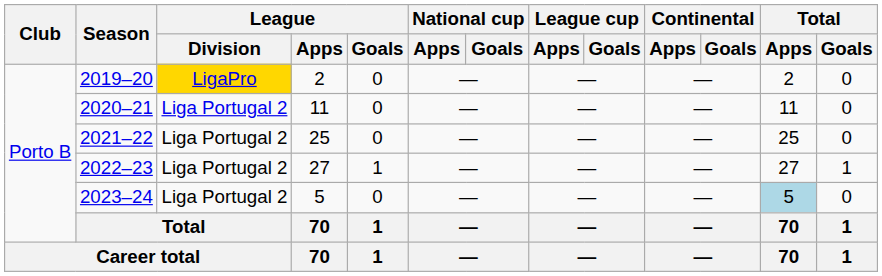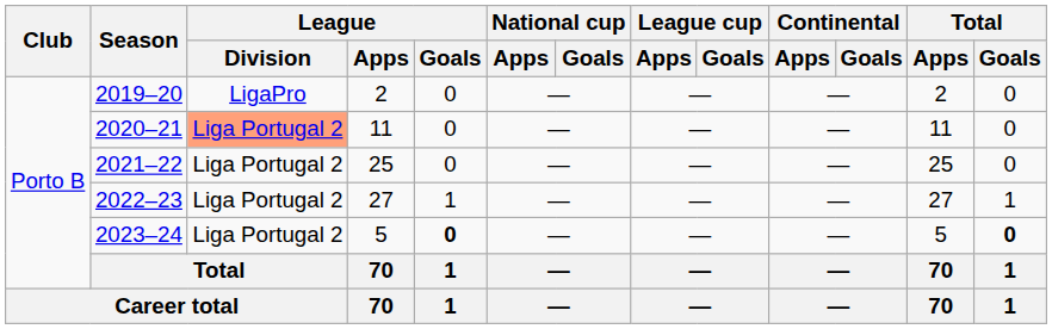 <table class="wikitable" style="text-align: center">
 <tr>
 <th rowspan="2">Club</th>
 <th rowspan="2">Season</th>
 <th colspan="3">League</th>
 <th colspan="2">National cup</th>
 <th colspan="2">League cup</th>
 <th colspan="2">Continental</th>
 <th colspan="2">Total</th>
 </tr>
 <tr>
 <th>Division</th>
 <th>Apps</th>
 <th>Goals</th>
 <th>Apps</th>
 <th>Goals</th>
 <th>Apps</th>
 <th>Goals</th>
 <th>Apps</th>
 <th>Goals</th>
 <th>Apps</th>
 <th>Goals</th>
 </tr>
 <tr>
 <td rowspan="6"><a href='#'>Porto B</a></td>
 <td><a href='#'>2019–20</a></td>
-<td style="background: gold;"><a href='#'>LigaPro</a></td>
+<td><a href='#'>LigaPro</a></td>
 <td>2</td>
 <td>0</td>
 <td colspan="2">—</td>
 <td colspan="2">—</td>
 <td colspan="2">—</td>
 <td>2</td>
 <td>0</td>
 </tr>
 <tr>
 <td><a href='#'>2020–21</a></td>
-<td><a href='#'>Liga Portugal 2</a></td>
+<td style="background: lightsalmon;"><a href='#'>Liga Portugal 2</a></td>
 <td>11</td>
 <td>0</td>
 <td colspan="2">—</td>
 <td colspan="2">—</td>
 <td colspan="2">—</td>
 <td>11</td>
 <td>0</td>
 </tr>
 <tr>
 <td><a href='#'>2021–22</a></td>
 <td>Liga Portugal 2</td>
 <td>25</td>
 <td>0</td>
 <td colspan="2">—</td>
 <td colspan="2">—</td>
 <td colspan="2">—</td>
 <td>25</td>
 <td>0</td>
 </tr>
 <tr>
 <td><a href='#'>2022–23</a></td>
 <td>Liga Portugal 2</td>
 <td>27</td>
 <td>1</td>
 <td colspan="2">—</td>
 <td colspan="2">—</td>
 <td colspan="2">—</td>
 <td>27</td>
 <td>1</td>
 </tr>
 <tr>
 <td><a href='#'>2023–24</a></td>
 <td>Liga Portugal 2</td>
 <td>5</td>
-<td>0</td>
+<td><strong>0</strong></td>
 <td colspan="2">—</td>
 <td colspan="2">—</td>
 <td colspan="2">—</td>
-<td style="background: lightblue;">5</td>
-<td>0</td>
+<td>5</td>
+<td><strong>0</strong></td>
 </tr>
 <tr>
 <th colspan="2">Total</th>
 <th>70</th>
 <th>1</th>
 <th colspan="2">—</th>
 <th colspan="2">—</th>
 <th colspan="2">—</th>
 <th>70</th>
 <th>1</th>
 </tr>
 <tr>
 <th colspan="3">Career total</th>
 <th>70</th>
 <th>1</th>
 <th colspan="2">—</th>
 <th colspan="2">—</th>
 <th colspan="2">—</th>
 <th>70</th>
 <th>1</th>
 </tr>
 </table>
